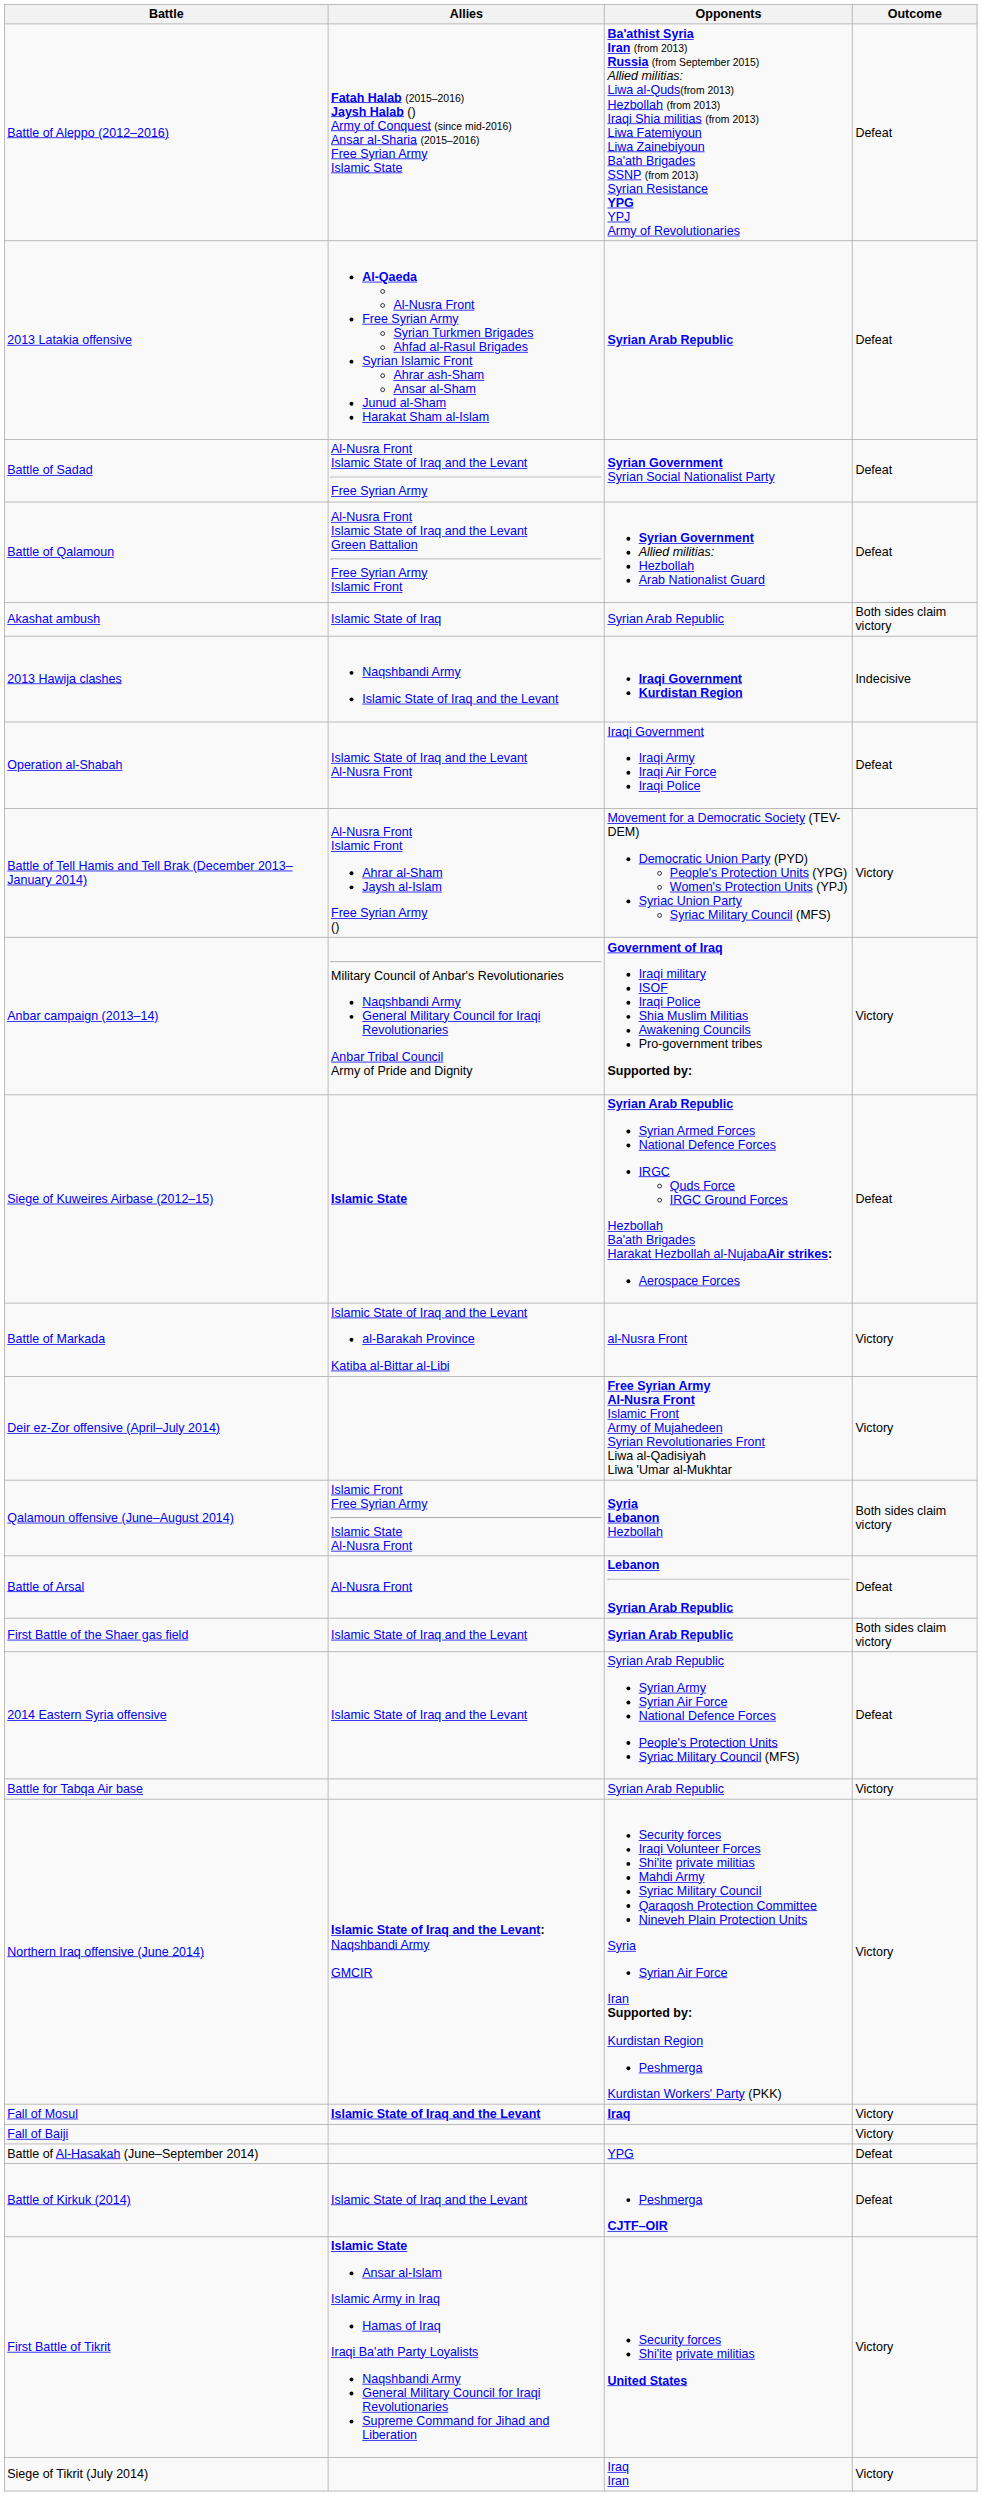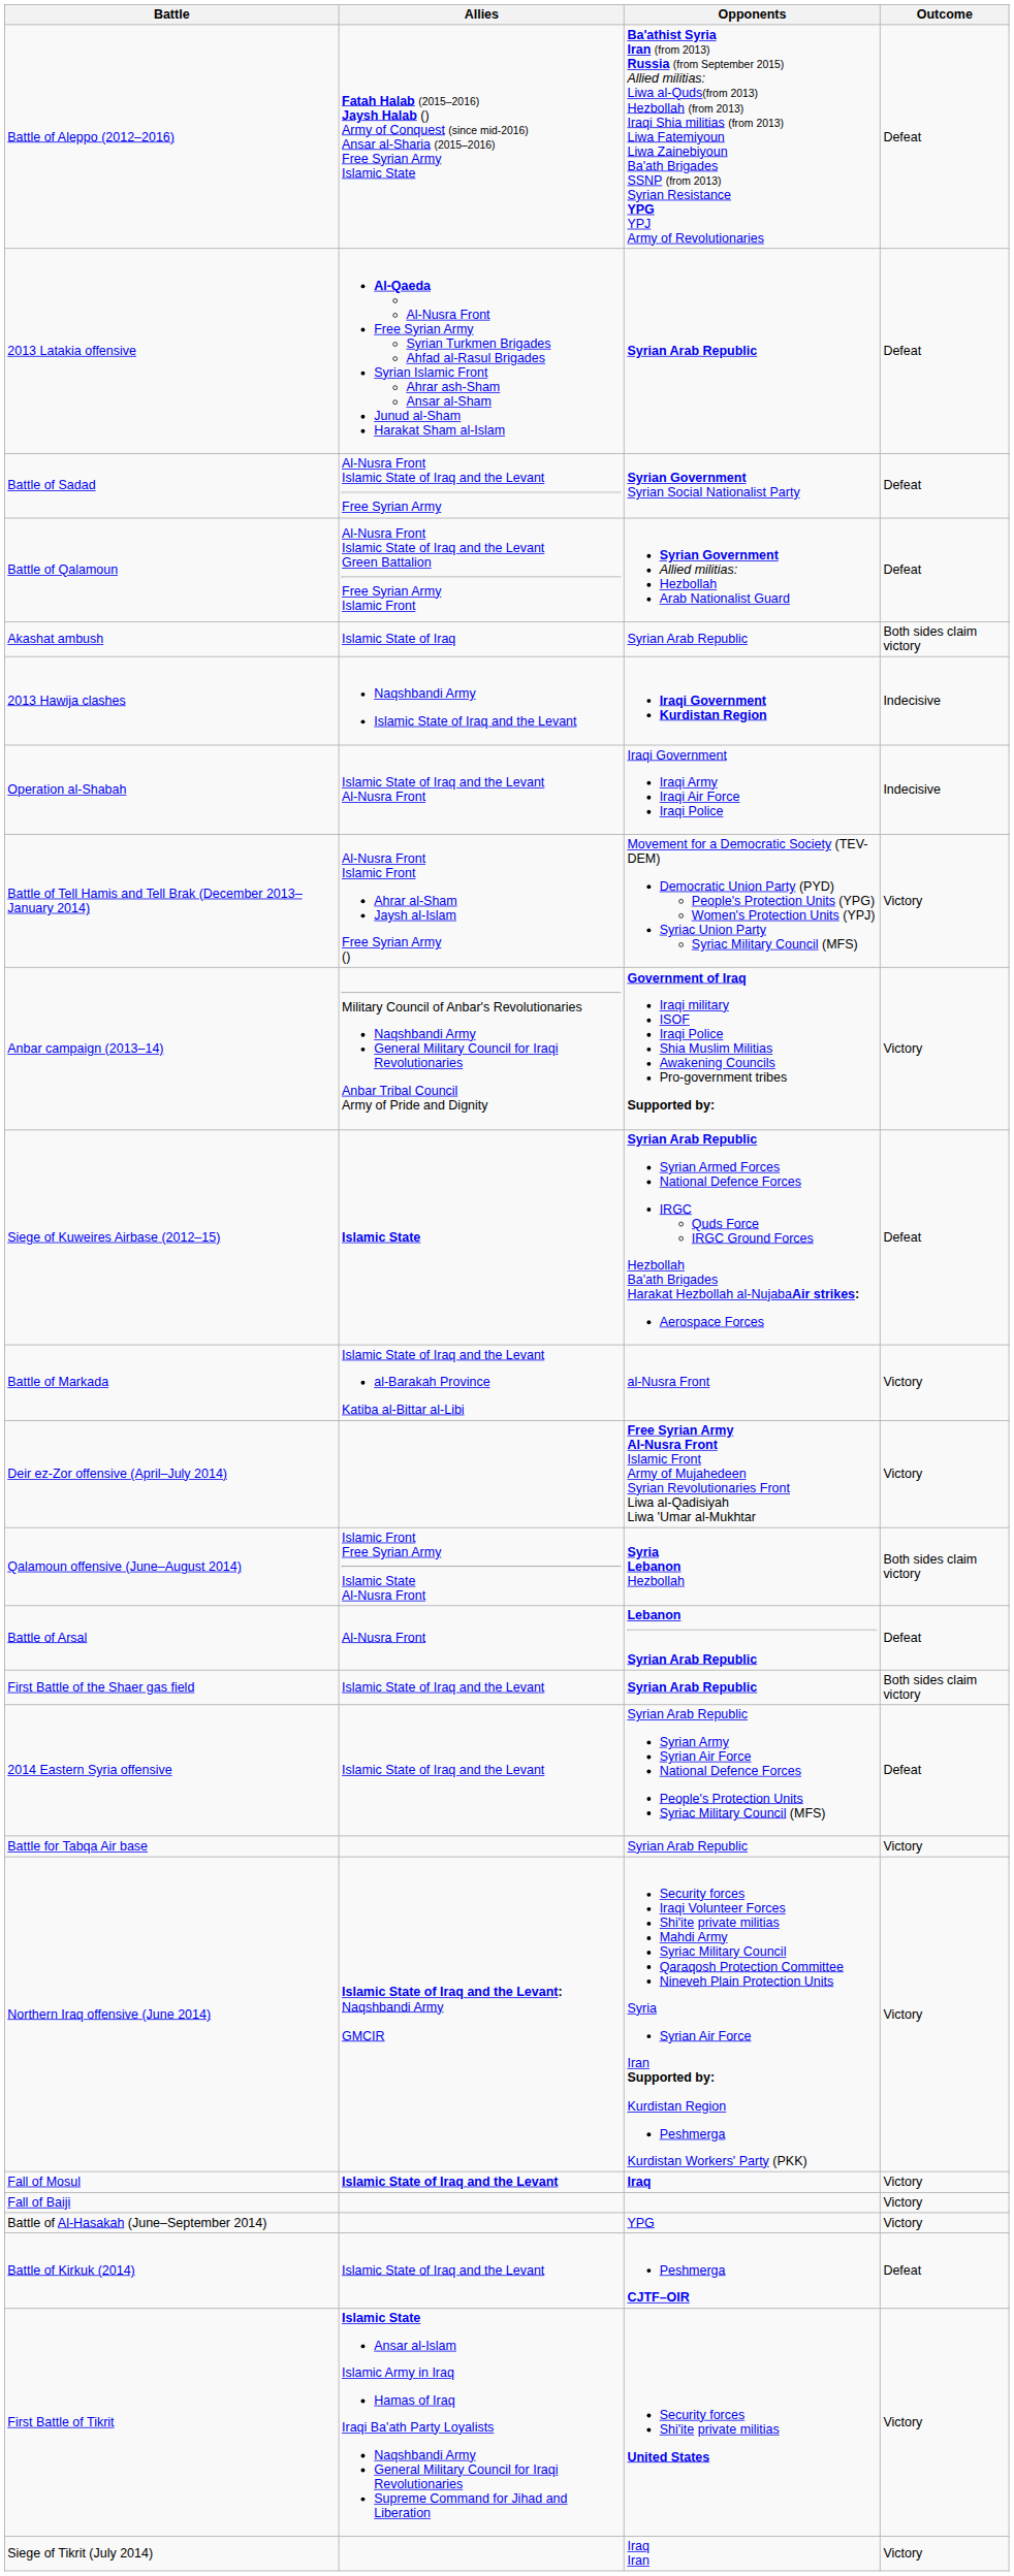 <table class="wikitable sortable">
 <tr>
 <th>Battle</th>
 <th>Allies</th>
 <th>Opponents</th>
 <th>Outcome</th>
 </tr>
 <tr>
 <td><a href='#'>Battle of Aleppo (2012–2016)</a></td>
 <td><strong><a href='#'>Fatah Halab</a></strong> <small>(2015–2016)</small><br> <strong><a href='#'>Jaysh Halab</a></strong> ()<br> <a href='#'>Army of Conquest</a> <small>(since mid-2016)</small><br> <a href='#'>Ansar al-Sharia</a> <small>(2015–2016)</small><br>  <a href='#'>Free Syrian Army</a><br> <a href='#'>Islamic State</a></td>
 <td><strong> <a href='#'>Ba'athist Syria</a></strong><br> <strong><a href='#'>Iran</a></strong> <small>(from 2013)</small><br> <a href='#'><strong>Russia</strong></a> <small>(from September 2015)</small><br><em>Allied militias:</em><br> <a href='#'>Liwa al-Quds</a><small>(from 2013)</small><br> <a href='#'>Hezbollah</a> <small>(from 2013)</small><br> <a href='#'>Iraqi Shia militias</a> <small>(from 2013)</small><br> <a href='#'>Liwa Fatemiyoun</a><br> <a href='#'>Liwa Zainebiyoun</a><br> <a href='#'>Ba'ath Brigades</a><br> <a href='#'>SSNP</a> <small>(from 2013)</small><br> <a href='#'>Syrian Resistance</a><br><strong> <a href='#'>YPG</a></strong><br> <a href='#'>YPJ</a><br> <a href='#'>Army of Revolutionaries</a></td>
 <td>Defeat</td>
 </tr>
 <tr>
 <td><a href='#'>2013 Latakia offensive</a></td>
 <td><br><ul><li> <strong><a href='#'>Al-Qaeda</a></strong><ul><li></li><li> <a href='#'>Al-Nusra Front</a></li></ul></li><li> <a href='#'>Free Syrian Army</a><ul><li> <a href='#'>Syrian Turkmen Brigades</a></li><li> <a href='#'>Ahfad al-Rasul Brigades</a></li></ul></li><li> <a href='#'>Syrian Islamic Front</a><ul><li> <a href='#'>Ahrar ash-Sham</a></li><li> <a href='#'>Ansar al-Sham</a></li></ul></li><li> <a href='#'>Junud al-Sham</a></li><li> <a href='#'>Harakat Sham al-Islam</a></li></ul></td>
 <td> <strong><a href='#'>Syrian Arab Republic</a></strong></td>
 <td>Defeat</td>
 </tr>
 <tr>
 <td><a href='#'>Battle of Sadad</a></td>
 <td> <a href='#'>Al-Nusra Front</a><br> <a href='#'>Islamic State of Iraq and the Levant</a><hr> <a href='#'>Free Syrian Army</a></td>
 <td> <strong><a href='#'>Syrian Government</a></strong><br> <a href='#'>Syrian Social Nationalist Party</a></td>
 <td>Defeat</td>
 </tr>
 <tr>
 <td><a href='#'>Battle of Qalamoun</a></td>
 <td> <a href='#'>Al-Nusra Front</a><br> <a href='#'>Islamic State of Iraq and the Levant</a><br> <a href='#'>Green Battalion</a><hr> <a href='#'>Free Syrian Army</a><br> <a href='#'>Islamic Front</a></td>
 <td><br><ul><li> <strong><a href='#'>Syrian Government</a></strong></li><li><em>Allied militias:</em></li><li> <a href='#'>Hezbollah</a></li><li> <a href='#'>Arab Nationalist Guard</a></li></ul></td>
 <td>Defeat</td>
 </tr>
 <tr>
 <td><a href='#'>Akashat ambush</a></td>
 <td> <a href='#'>Islamic State of Iraq</a></td>
 <td> <a href='#'>Syrian Arab Republic</a><br></td>
 <td>Both sides claim victory</td>
 </tr>
 <tr>
 <td><a href='#'>2013 Hawija clashes</a></td>
 <td><br><ul><li> <a href='#'>Naqshbandi Army</a></li></ul><ul><li> <a href='#'>Islamic State of Iraq and the Levant</a></li></ul></td>
 <td><strong><br><ul><li> <a href='#'>Iraqi Government</a></li><li> <a href='#'>Kurdistan Region</a></li></ul></strong></td>
 <td>Indecisive</td>
 </tr>
 <tr>
 <td><a href='#'>Operation al-Shabah</a></td>
 <td> <a href='#'>Islamic State of Iraq and the Levant</a><br> <a href='#'>Al-Nusra Front</a></td>
 <td> <a href='#'>Iraqi Government</a><br><ul><li> <a href='#'>Iraqi Army</a></li><li> <a href='#'>Iraqi Air Force</a></li><li> <a href='#'>Iraqi Police</a></li></ul></td>
-<td>Defeat</td>
+<td>Indecisive</td>
 </tr>
 <tr>
 <td><a href='#'>Battle of Tell Hamis and Tell Brak (December 2013–January 2014)</a></td>
 <td><br> <a href='#'>Al-Nusra Front</a><br> <a href='#'>Islamic Front</a><br><ul><li> <a href='#'>Ahrar al-Sham</a></li><li> <a href='#'>Jaysh al-Islam</a></li></ul> <a href='#'>Free Syrian Army</a><br>()</td>
 <td> <a href='#'>Movement for a Democratic Society</a> (TEV-DEM)<br><ul><li><a href='#'>Democratic Union Party</a> (PYD)<ul><li> <a href='#'>People's Protection Units</a> (YPG)</li><li> <a href='#'>Women's Protection Units</a> (YPJ)</li></ul></li><li> <a href='#'>Syriac Union Party</a><ul><li> <a href='#'>Syriac Military Council</a> (MFS)</li></ul></li></ul></td>
 <td>Victory</td>
 </tr>
 <tr>
 <td><a href='#'>Anbar campaign (2013–14)</a></td>
 <td><hr> Military Council of Anbar's Revolutionaries<br><ul><li><a href='#'>Naqshbandi Army</a></li><li><a href='#'>General Military Council for Iraqi Revolutionaries</a></li></ul> <a href='#'>Anbar Tribal Council</a><br> Army of Pride and Dignity </td>
 <td> <strong><a href='#'>Government of Iraq</a></strong><br><ul><li> <a href='#'>Iraqi military</a></li><li> <a href='#'>ISOF</a></li><li><a href='#'>Iraqi Police</a></li><li><a href='#'>Shia Muslim Militias</a></li><li><a href='#'>Awakening Councils</a></li><li>Pro-government tribes</li></ul> <strong>Supported by:</strong><br><br> </td>
 <td>Victory</td>
 </tr>
 <tr>
 <td><a href='#'>Siege of Kuweires Airbase (2012–15)</a></td>
 <td><strong> <a href='#'>Islamic State</a></strong></td>
 <td> <strong><a href='#'>Syrian Arab Republic</a></strong><br><ul><li> <a href='#'>Syrian Armed Forces</a></li><li> <a href='#'>National Defence Forces</a></li></ul><strong></strong><ul><li> <a href='#'>IRGC</a><ul><li> <a href='#'>Quds Force</a></li><li> <a href='#'>IRGC Ground Forces</a></li></ul></li></ul> <a href='#'>Hezbollah</a><br> <a href='#'>Ba'ath Brigades</a><br><a href='#'>Harakat Hezbollah al-Nujaba</a><strong><a href='#'>Air strikes</a>:</strong><br><ul><li> <a href='#'>Aerospace Forces</a></li></ul></td>
 <td>Defeat</td>
 </tr>
 <tr>
 <td><a href='#'>Battle of Markada</a></td>
 <td> <a href='#'>Islamic State of Iraq and the Levant</a><br><ul><li><a href='#'>al-Barakah Province</a></li></ul> <a href='#'>Katiba al-Bittar al-Libi</a></td>
 <td> <a href='#'>al-Nusra Front</a></td>
 <td>Victory</td>
 </tr>
 <tr>
 <td><a href='#'>Deir ez-Zor offensive (April–July 2014)</a></td>
 <td><strong></strong></td>
 <td> <strong><a href='#'>Free Syrian Army</a></strong><br> <strong><a href='#'>Al-Nusra Front</a></strong><br> <a href='#'>Islamic Front</a><br> <a href='#'>Army of Mujahedeen</a><br> <a href='#'>Syrian Revolutionaries Front</a><br>Liwa al-Qadisiyah<br>Liwa 'Umar al-Mukhtar</td>
 <td>Victory</td>
 </tr>
 <tr>
 <td><a href='#'>Qalamoun offensive (June–August 2014)</a></td>
 <td> <a href='#'>Islamic Front</a><br>  <a href='#'>Free Syrian Army</a><hr> <a href='#'>Islamic State</a><br> <a href='#'>Al-Nusra Front</a></td>
 <td> <strong><a href='#'>Syria</a></strong><br> <strong><a href='#'>Lebanon</a></strong><br> <a href='#'>Hezbollah</a></td>
 <td>Both sides claim victory</td>
 </tr>
 <tr>
 <td><a href='#'>Battle of Arsal</a></td>
 <td> <a href='#'>Al-Nusra Front</a><br></td>
 <td> <strong><a href='#'>Lebanon</a></strong><br><hr><br> <strong><a href='#'>Syrian Arab Republic</a></strong></td>
 <td>Defeat</td>
 </tr>
 <tr>
 <td><a href='#'>First Battle of the Shaer gas field</a></td>
 <td> <a href='#'>Islamic State of Iraq and the Levant</a></td>
 <td> <strong><a href='#'>Syrian Arab Republic</a></strong></td>
 <td>Both sides claim victory</td>
 </tr>
 <tr>
 <td><a href='#'>2014 Eastern Syria offensive</a></td>
 <td> <a href='#'>Islamic State of Iraq and the Levant</a></td>
 <td>  <a href='#'>Syrian Arab Republic</a><br><ul><li> <a href='#'>Syrian Army</a></li><li> <a href='#'>Syrian Air Force</a></li><li> <a href='#'>National Defence Forces</a></li></ul><ul><li> <a href='#'>People's Protection Units</a></li><li> <a href='#'>Syriac Military Council</a> (MFS)</li></ul></td>
 <td>Defeat</td>
 </tr>
 <tr>
 <td><a href='#'>Battle for Tabqa Air base</a></td>
 <td></td>
 <td>  <a href='#'>Syrian Arab Republic</a></td>
 <td>Victory</td>
 </tr>
 <tr>
 <td><a href='#'>Northern Iraq offensive (June 2014)</a></td>
 <td> <strong><a href='#'>Islamic State of Iraq and the Levant</a>:</strong><br> <a href='#'>Naqshbandi Army</a><br><br> <a href='#'>GMCIR</a><br></td>
 <td><br><ul><li><a href='#'>Security forces</a></li><li><a href='#'>Iraqi Volunteer Forces</a></li><li><a href='#'>Shi'ite</a> <a href='#'>private militias</a></li><li> <a href='#'>Mahdi Army</a></li><li> <a href='#'>Syriac Military Council</a></li><li><a href='#'>Qaraqosh Protection Committee</a></li><li> <a href='#'>Nineveh Plain Protection Units</a></li></ul> <a href='#'>Syria</a> <ul><li> <a href='#'>Syrian Air Force</a></li></ul> <a href='#'>Iran</a><br><strong>Supported by:</strong><br> <br>  <a href='#'>Kurdistan Region</a><ul><li><a href='#'>Peshmerga</a></li></ul> <a href='#'>Kurdistan Workers' Party</a> (PKK)</td>
 <td>Victory</td>
 </tr>
 <tr>
 <td><a href='#'>Fall of Mosul</a></td>
 <td> <strong><a href='#'>Islamic State of Iraq and the Levant</a></strong></td>
 <td> <strong><a href='#'>Iraq</a></strong></td>
 <td>Victory</td>
 </tr>
 <tr>
 <td><a href='#'>Fall of Baiji</a></td>
 <td></td>
 <td></td>
 <td>Victory</td>
 </tr>
 <tr>
 <td>Battle of <a href='#'>Al-Hasakah</a> (June–September 2014)</td>
 <td></td>
 <td> <a href='#'>YPG</a><br></td>
-<td>Defeat</td>
+<td>Victory</td>
 </tr>
 <tr>
 <td><a href='#'>Battle of Kirkuk (2014)</a></td>
 <td> <a href='#'>Islamic State of Iraq and the Levant</a></td>
 <td><br><ul><li><a href='#'>Peshmerga</a></li></ul> <strong><a href='#'>CJTF–OIR</a></strong></td>
 <td>Defeat</td>
 </tr>
 <tr>
 <td><a href='#'>First Battle of Tikrit</a></td>
 <td> <strong><a href='#'>Islamic State</a></strong><br><ul><li> <a href='#'>Ansar al-Islam</a></li></ul><a href='#'>Islamic Army in Iraq</a><ul><li><a href='#'>Hamas of Iraq</a></li></ul> <a href='#'>Iraqi Ba'ath Party Loyalists</a><ul><li><a href='#'>Naqshbandi Army</a></li><li> <a href='#'>General Military Council for Iraqi Revolutionaries</a></li><li><a href='#'>Supreme Command for Jihad and Liberation</a></li></ul></td>
 <td><br><ul><li><a href='#'>Security forces</a></li><li><a href='#'>Shi'ite</a> <a href='#'>private militias</a></li></ul> <strong><a href='#'>United States</a></strong></td>
 <td>Victory</td>
 </tr>
 <tr>
 <td>Siege of Tikrit (July 2014)</td>
 <td></td>
 <td> <a href='#'>Iraq</a><br> <a href='#'>Iran</a></td>
 <td>Victory</td>
 </tr>
 </table>
